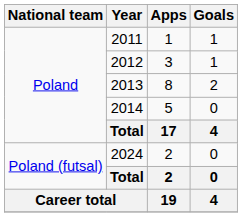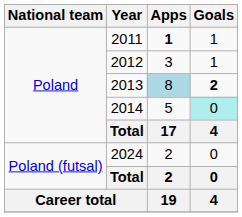 <table class="wikitable" style="text-align:center">
 <tr>
 <th>National team</th>
 <th>Year</th>
 <th>Apps</th>
 <th>Goals</th>
 </tr>
 <tr>
 <td rowspan="5"><a href='#'>Poland</a></td>
 <td>2011</td>
-<td>1</td>
+<td><strong>1</strong></td>
 <td>1</td>
 </tr>
 <tr>
 <td>2012</td>
 <td>3</td>
 <td>1</td>
 </tr>
 <tr>
 <td>2013</td>
-<td>8</td>
-<td>2</td>
+<td style="background: lightblue;">8</td>
+<td><strong>2</strong></td>
 </tr>
 <tr>
 <td>2014</td>
 <td>5</td>
-<td>0</td>
+<td style="background: paleturquoise;">0</td>
 </tr>
 <tr>
 <th colspan="1">Total</th>
 <th>17</th>
 <th>4</th>
 </tr>
 <tr>
 <td rowspan="2"><a href='#'>Poland (futsal)</a></td>
 <td>2024</td>
 <td>2</td>
 <td>0</td>
 </tr>
 <tr>
 <th colspan="1">Total</th>
 <th>2</th>
 <th>0</th>
 </tr>
 <tr>
 <th colspan="2">Career total</th>
 <th>19</th>
 <th>4</th>
 </tr>
 <tr>
 </tr>
 </table>
